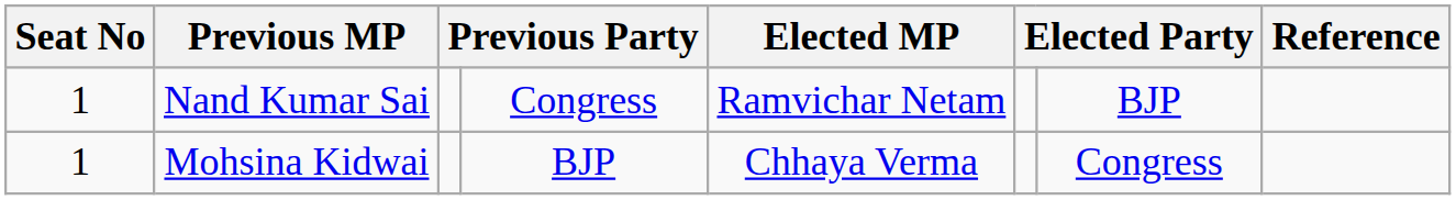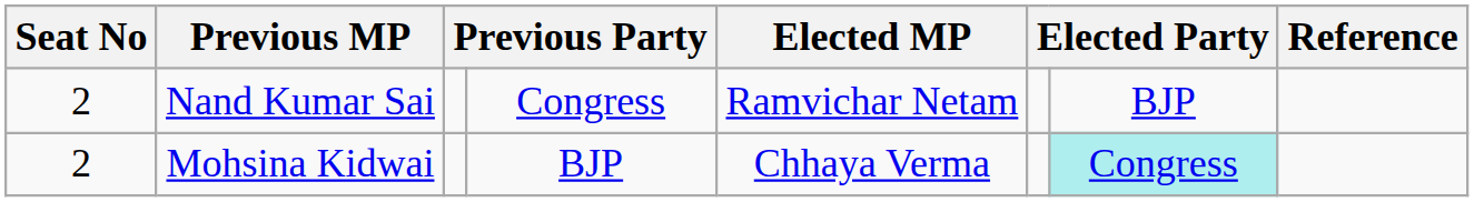 <table class="wikitable">
 <tr>
 <th>Seat No</th>
 <th>Previous MP</th>
 <th colspan=2>Previous Party</th>
 <th>Elected MP</th>
 <th colspan=2>Elected Party</th>
 <th>Reference</th>
 </tr>
 <tr style="text-align:center;">
-<td>1</td>
+<td>2</td>
 <td><a href='#'>Nand Kumar Sai</a></td>
 <td width="1px"></td>
 <td><a href='#'>Congress</a></td>
 <td><a href='#'>Ramvichar Netam</a></td>
 <td width="1px"></td>
 <td><a href='#'>BJP</a></td>
 <td rowspan=1></td>
 </tr>
 <tr style="text-align:center;">
-<td>1</td>
+<td>2</td>
 <td><a href='#'>Mohsina Kidwai</a></td>
 <td width="1px"></td>
 <td><a href='#'>BJP</a></td>
 <td><a href='#'>Chhaya Verma</a></td>
 <td width="1px"></td>
-<td><a href='#'>Congress</a></td>
+<td style="background: paleturquoise;"><a href='#'>Congress</a></td>
 <td rowspan=1></td>
 </tr>
 </table>
